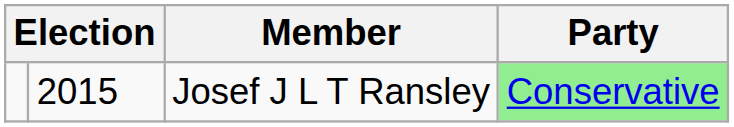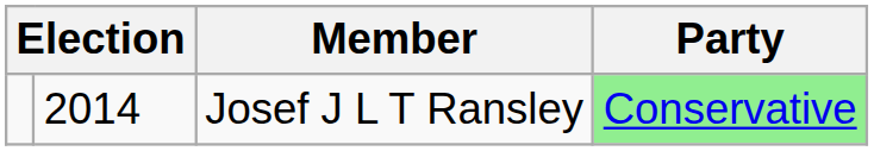 <table class="wikitable">
 <tr>
 <th colspan="2">Election</th>
 <th>Member</th>
 <th>Party</th>
 </tr>
 <tr>
 <td style="background-color: "></td>
-<td>2015</td>
+<td>2014</td>
 <td>Josef J L T Ransley</td>
 <td style="background: lightgreen;"><a href='#'>Conservative</a></td>
 </tr>
 </table>
